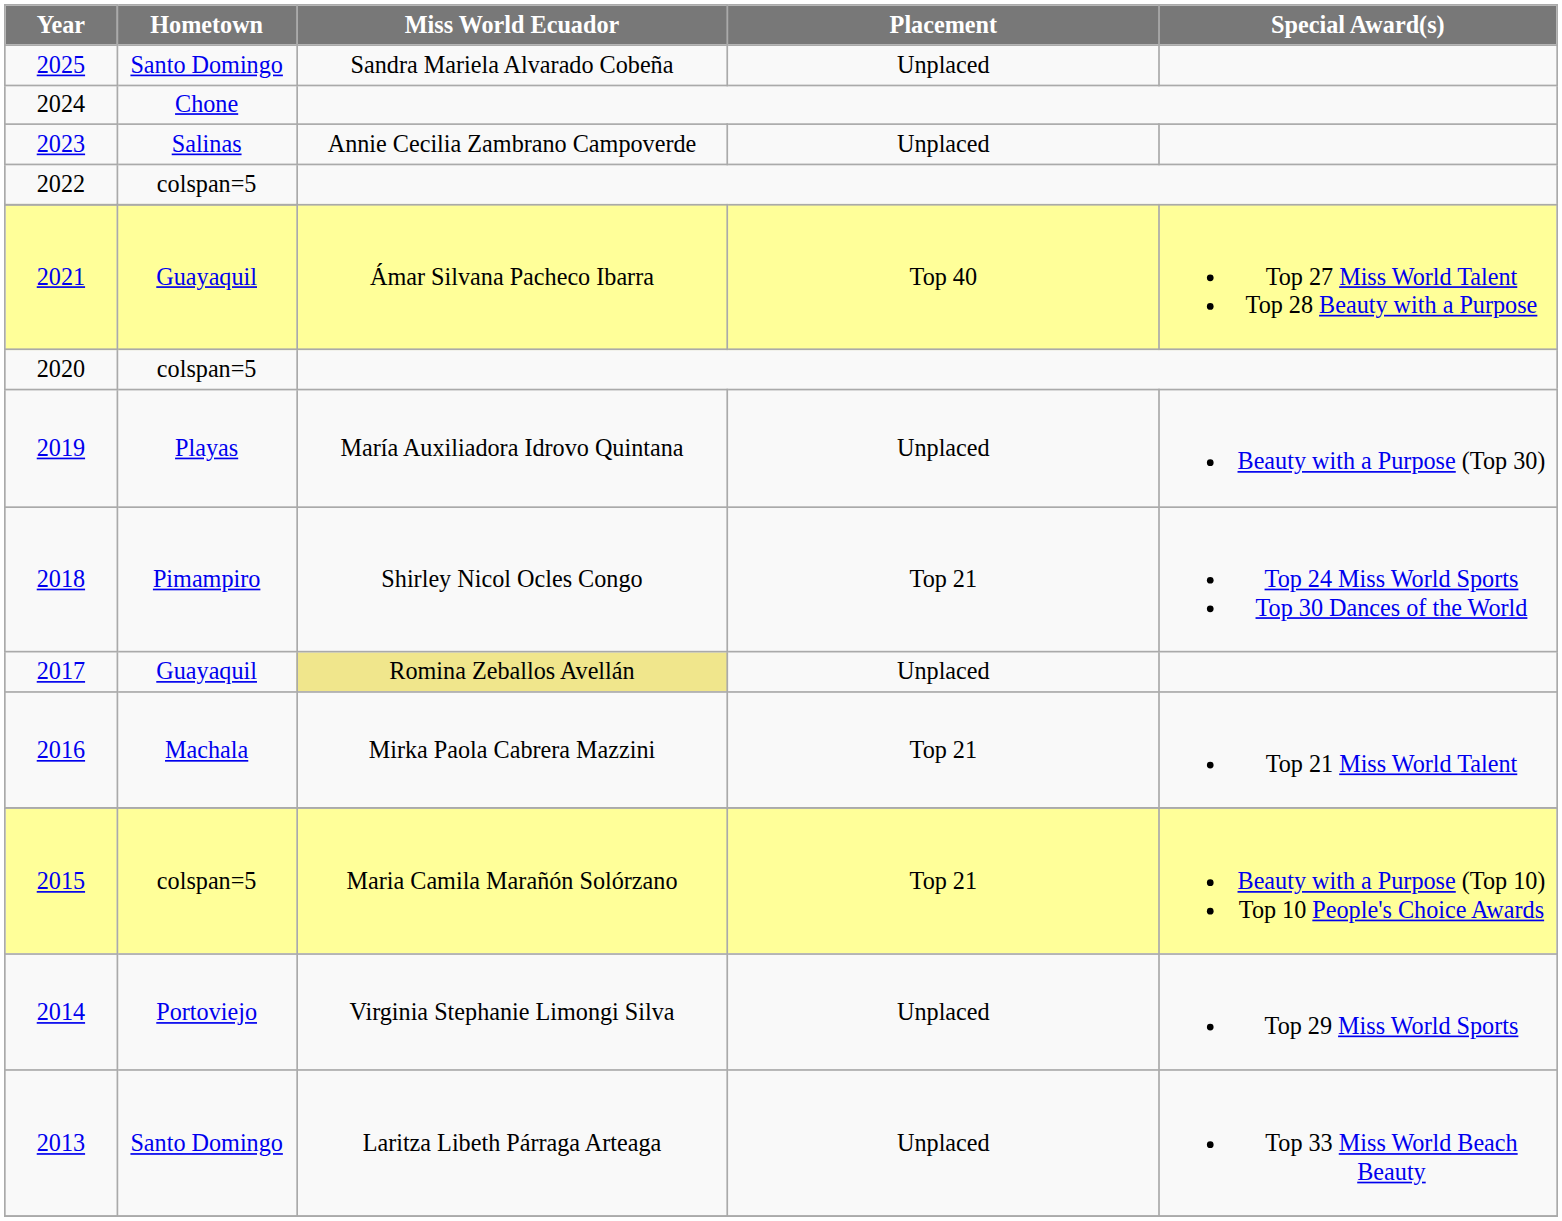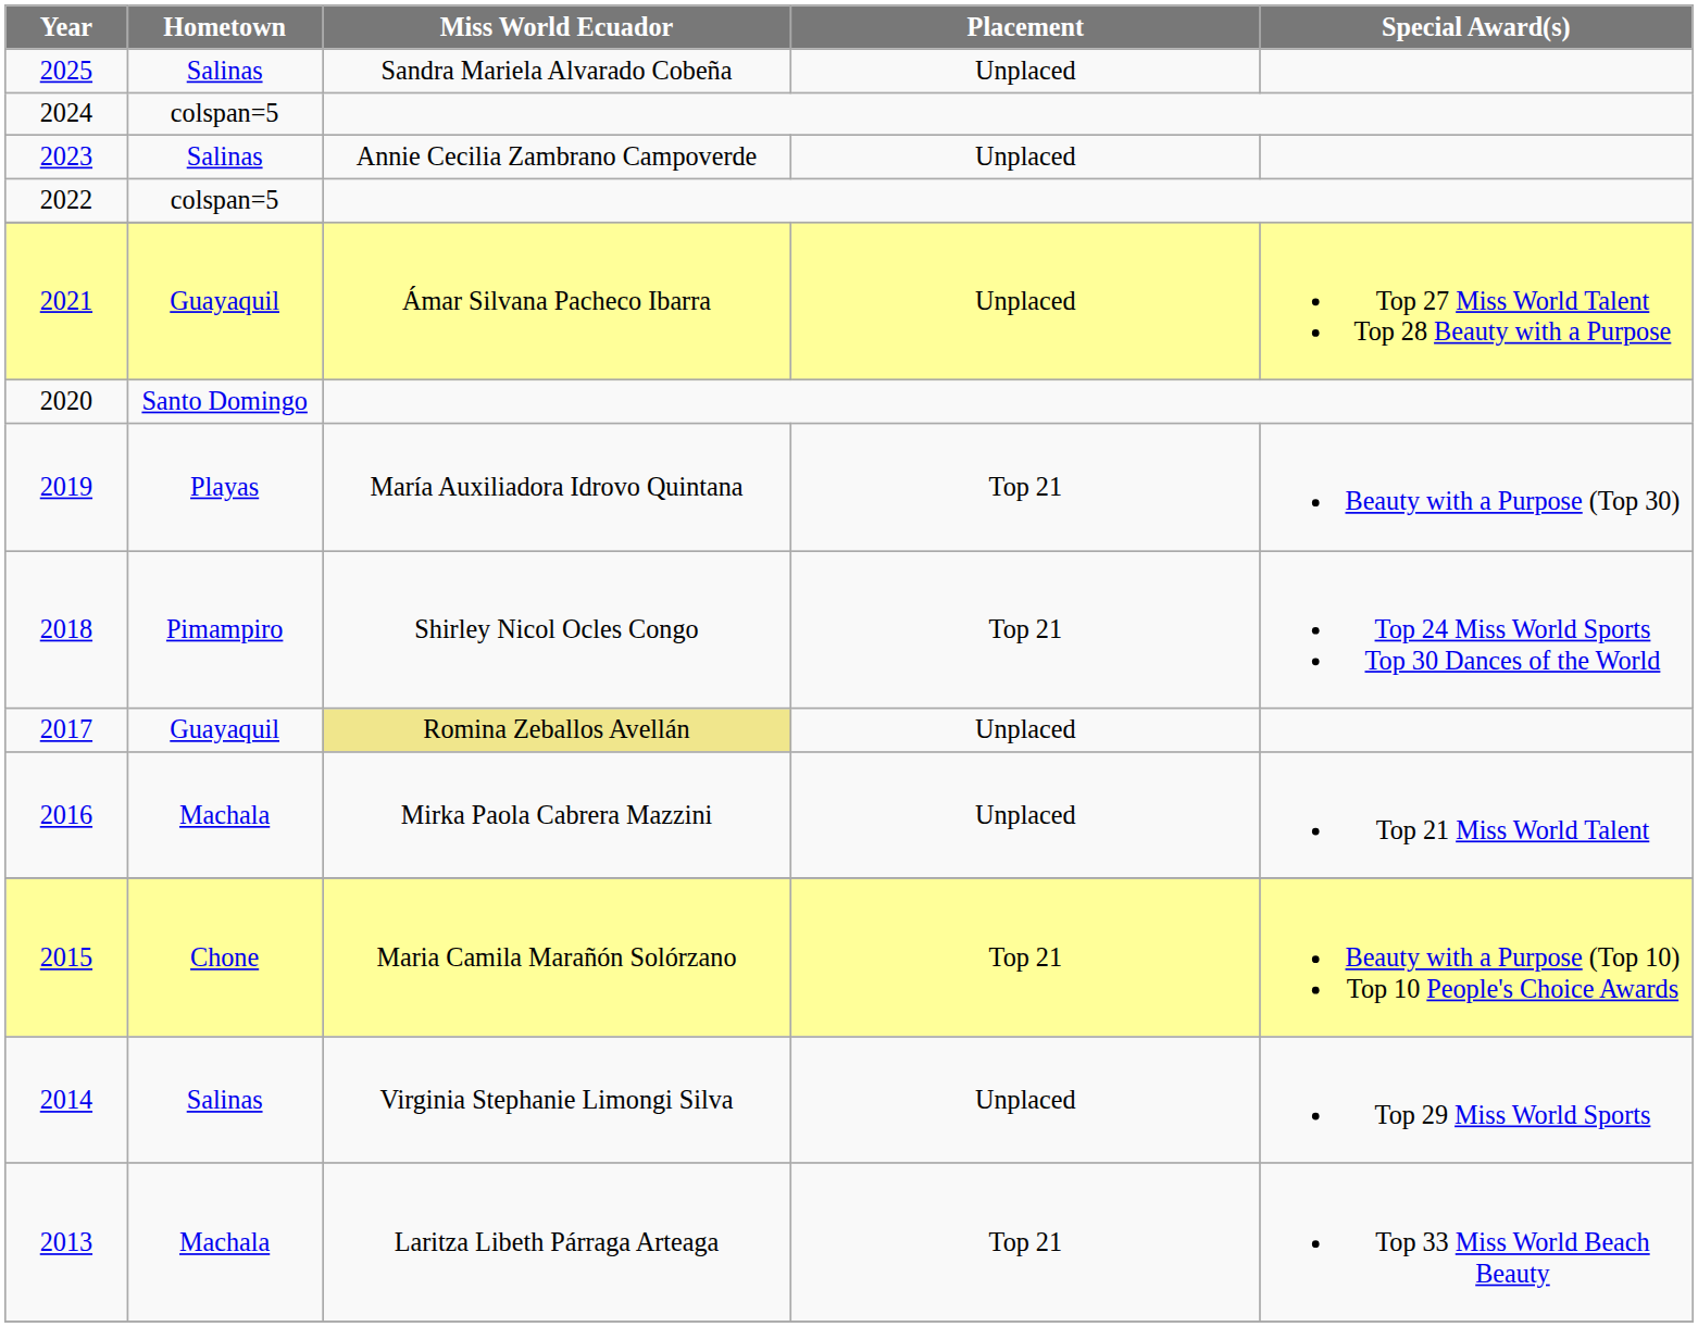 <table class="wikitable" style="font-size: 90%; text-align:center">
 <tr>
 <th width="60" style="background-color:#787878;color:#FFFFFF;">Year</th>
 <th width="100" style="background-color:#787878;color:#FFFFFF;">Hometown</th>
 <th width="250" style="background-color:#787878;color:#FFFFFF;">Miss World Ecuador</th>
 <th width="250" style="background-color:#787878;color:#FFFFFF;">Placement</th>
 <th width="230" style="background-color:#787878;color:#FFFFFF;">Special Award(s)</th>
 </tr>
 <tr>
 <td><a href='#'>2025</a></td>
-<td><a href='#'>Santo Domingo</a></td>
+<td><a href='#'>Salinas</a></td>
 <td>Sandra Mariela Alvarado Cobeña</td>
 <td>Unplaced</td>
 <td></td>
 </tr>
 <tr>
 <td>2024</td>
-<td><a href='#'>Chone</a></td>
+<td>colspan=5 </td>
 </tr>
 <tr>
 <td><a href='#'>2023</a></td>
 <td><a href='#'>Salinas</a></td>
 <td>Annie Cecilia Zambrano Campoverde</td>
 <td>Unplaced</td>
 <td></td>
 </tr>
 <tr>
 <td>2022</td>
 <td>colspan=5 </td>
 </tr>
 <tr>
 </tr>
 <tr style="background-color:#FFFF99; ">
 <td><a href='#'>2021</a></td>
 <td><a href='#'>Guayaquil</a></td>
 <td>Ámar Silvana Pacheco Ibarra</td>
-<td>Top 40</td>
+<td>Unplaced</td>
 <td><br><ul><li>Top 27 <a href='#'>Miss World Talent</a></li><li>Top 28 <a href='#'>Beauty with a Purpose</a></li></ul></td>
 </tr>
 <tr>
 <td>2020</td>
-<td>colspan=5 </td>
+<td><a href='#'>Santo Domingo</a></td>
 </tr>
 <tr>
 <td><a href='#'>2019</a></td>
 <td><a href='#'>Playas</a></td>
 <td>María Auxiliadora Idrovo Quintana</td>
-<td>Unplaced</td>
+<td>Top 21</td>
 <td><br><ul><li><a href='#'>Beauty with a Purpose</a> (Top 30)</li></ul></td>
 </tr>
 <tr>
 <td><a href='#'>2018</a></td>
 <td><a href='#'>Pimampiro</a></td>
 <td>Shirley Nicol Ocles Congo</td>
 <td>Top 21</td>
 <td><br><ul><li><a href='#'>Top 24 Miss World Sports</a></li><li><a href='#'>Top 30 Dances of the World</a></li></ul></td>
 </tr>
 <tr>
 <td><a href='#'>2017</a></td>
 <td><a href='#'>Guayaquil</a></td>
 <td style="background: khaki;">Romina Zeballos Avellán</td>
 <td>Unplaced</td>
 <td></td>
 </tr>
 <tr>
 <td><a href='#'>2016</a></td>
 <td><a href='#'>Machala</a></td>
 <td>Mirka Paola Cabrera Mazzini</td>
-<td>Top 21</td>
+<td>Unplaced</td>
 <td><br><ul><li>Top 21 <a href='#'>Miss World Talent</a></li></ul></td>
 </tr>
 <tr>
 </tr>
 <tr style="background-color:#FFFF99">
 <td><a href='#'>2015</a></td>
-<td>colspan=5 </td>
+<td><a href='#'>Chone</a></td>
 <td>Maria Camila Marañón Solórzano</td>
 <td>Top 21</td>
 <td><br><ul><li><a href='#'>Beauty with a Purpose</a> (Top 10)</li><li>Top 10 <a href='#'>People's Choice Awards</a></li></ul></td>
 </tr>
 <tr>
 <td><a href='#'>2014</a></td>
-<td><a href='#'>Portoviejo</a></td>
+<td><a href='#'>Salinas</a></td>
 <td>Virginia Stephanie Limongi Silva</td>
 <td>Unplaced</td>
 <td><br><ul><li>Top 29 <a href='#'>Miss World Sports</a></li></ul></td>
 </tr>
 <tr>
 <td><a href='#'>2013</a></td>
-<td><a href='#'>Santo Domingo</a></td>
+<td><a href='#'>Machala</a></td>
 <td>Laritza Libeth Párraga Arteaga</td>
-<td>Unplaced</td>
+<td>Top 21</td>
 <td><br><ul><li>Top 33 <a href='#'>Miss World Beach Beauty</a></li></ul></td>
 </tr>
 <tr>
 </tr>
 </table>
